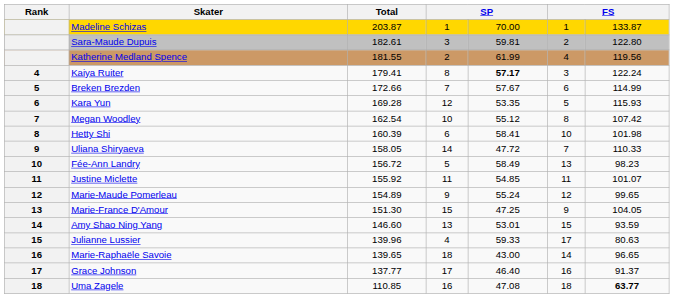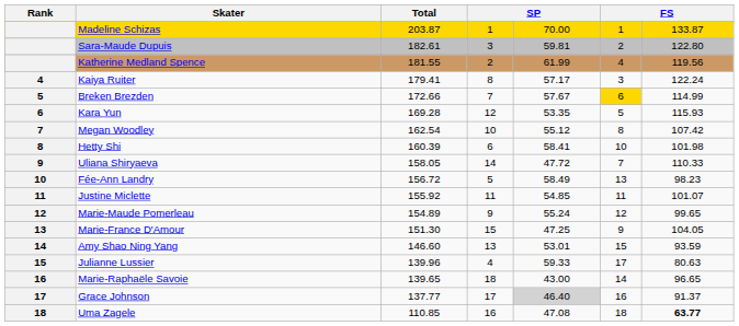 <table class="wikitable sortable" style="text-align:center; width:70%">
 <tr>
 <th scope="col">Rank</th>
 <th scope="col">Skater</th>
 <th scope="col">Total</th>
 <th scope="col" colspan="2" width="80px"><a href='#'>SP</a></th>
 <th scope="col" colspan="2" width="80px"><a href='#'>FS</a></th>
 </tr>
 <tr bgcolor="gold">
 <th scope="row"></th>
 <td align="left"><a href='#'>Madeline Schizas</a></td>
 <td>203.87</td>
 <td>1</td>
 <td>70.00</td>
 <td>1</td>
 <td>133.87</td>
 </tr>
 <tr bgcolor="silver">
 <th scope="row"></th>
 <td align="left"><a href='#'>Sara-Maude Dupuis</a></td>
 <td>182.61</td>
 <td>3</td>
 <td>59.81</td>
 <td>2</td>
 <td>122.80</td>
 </tr>
 <tr bgcolor="cc9966">
 <th scope="row"></th>
 <td align="left"><a href='#'>Katherine Medland Spence</a></td>
 <td>181.55</td>
 <td>2</td>
 <td>61.99</td>
 <td>4</td>
 <td>119.56</td>
 </tr>
 <tr>
 <th scope="row">4</th>
 <td align="left"><a href='#'>Kaiya Ruiter</a></td>
 <td>179.41</td>
 <td>8</td>
-<td><strong>57.17</strong></td>
+<td>57.17</td>
 <td>3</td>
 <td>122.24</td>
 </tr>
 <tr>
 <th scope="row">5</th>
 <td align="left"><a href='#'>Breken Brezden</a></td>
 <td>172.66</td>
 <td>7</td>
 <td>57.67</td>
-<td>6</td>
+<td style="background: gold;">6</td>
 <td>114.99</td>
 </tr>
 <tr>
 <th scope="row">6</th>
 <td align="left"><a href='#'>Kara Yun</a></td>
 <td>169.28</td>
 <td>12</td>
 <td>53.35</td>
 <td>5</td>
 <td>115.93</td>
 </tr>
 <tr>
 <th scope="row">7</th>
 <td align="left"><a href='#'>Megan Woodley</a></td>
 <td>162.54</td>
 <td>10</td>
 <td>55.12</td>
 <td>8</td>
 <td>107.42</td>
 </tr>
 <tr>
 <th scope="row">8</th>
 <td align="left"><a href='#'>Hetty Shi</a></td>
 <td>160.39</td>
 <td>6</td>
 <td>58.41</td>
 <td>10</td>
 <td>101.98</td>
 </tr>
 <tr>
 <th scope="row">9</th>
 <td align="left"><a href='#'>Uliana Shiryaeva</a></td>
 <td>158.05</td>
 <td>14</td>
 <td>47.72</td>
 <td>7</td>
 <td>110.33</td>
 </tr>
 <tr>
 <th scope="row">10</th>
 <td align="left"><a href='#'>Fée-Ann Landry</a></td>
 <td>156.72</td>
 <td>5</td>
 <td>58.49</td>
 <td>13</td>
 <td>98.23</td>
 </tr>
 <tr>
 <th scope="row">11</th>
 <td align="left"><a href='#'>Justine Miclette</a></td>
 <td>155.92</td>
 <td>11</td>
 <td>54.85</td>
 <td>11</td>
 <td>101.07</td>
 </tr>
 <tr>
 <th scope="row">12</th>
 <td align="left"><a href='#'>Marie-Maude Pomerleau</a></td>
 <td>154.89</td>
 <td>9</td>
 <td>55.24</td>
 <td>12</td>
 <td>99.65</td>
 </tr>
 <tr>
 <th scope="row">13</th>
 <td align="left"><a href='#'>Marie-France D'Amour</a></td>
 <td>151.30</td>
 <td>15</td>
 <td>47.25</td>
 <td>9</td>
 <td>104.05</td>
 </tr>
 <tr>
 <th scope="row">14</th>
 <td align="left"><a href='#'>Amy Shao Ning Yang</a></td>
 <td>146.60</td>
 <td>13</td>
 <td>53.01</td>
 <td>15</td>
 <td>93.59</td>
 </tr>
 <tr>
 <th scope="row">15</th>
 <td align="left"><a href='#'>Julianne Lussier</a></td>
 <td>139.96</td>
 <td>4</td>
 <td>59.33</td>
 <td>17</td>
 <td>80.63</td>
 </tr>
 <tr>
 <th scope="row">16</th>
 <td align="left"><a href='#'>Marie-Raphaële Savoie</a></td>
 <td>139.65</td>
 <td>18</td>
 <td>43.00</td>
 <td>14</td>
 <td>96.65</td>
 </tr>
 <tr>
 <th scope="row">17</th>
 <td align="left"><a href='#'>Grace Johnson</a></td>
 <td>137.77</td>
 <td>17</td>
-<td>46.40</td>
+<td style="background: lightgrey;">46.40</td>
 <td>16</td>
 <td>91.37</td>
 </tr>
 <tr>
 <th scope="row">18</th>
 <td align="left"><a href='#'>Uma Zagele</a></td>
 <td>110.85</td>
 <td>16</td>
 <td>47.08</td>
 <td>18</td>
 <td><strong>63.77</strong></td>
 </tr>
 </table>
